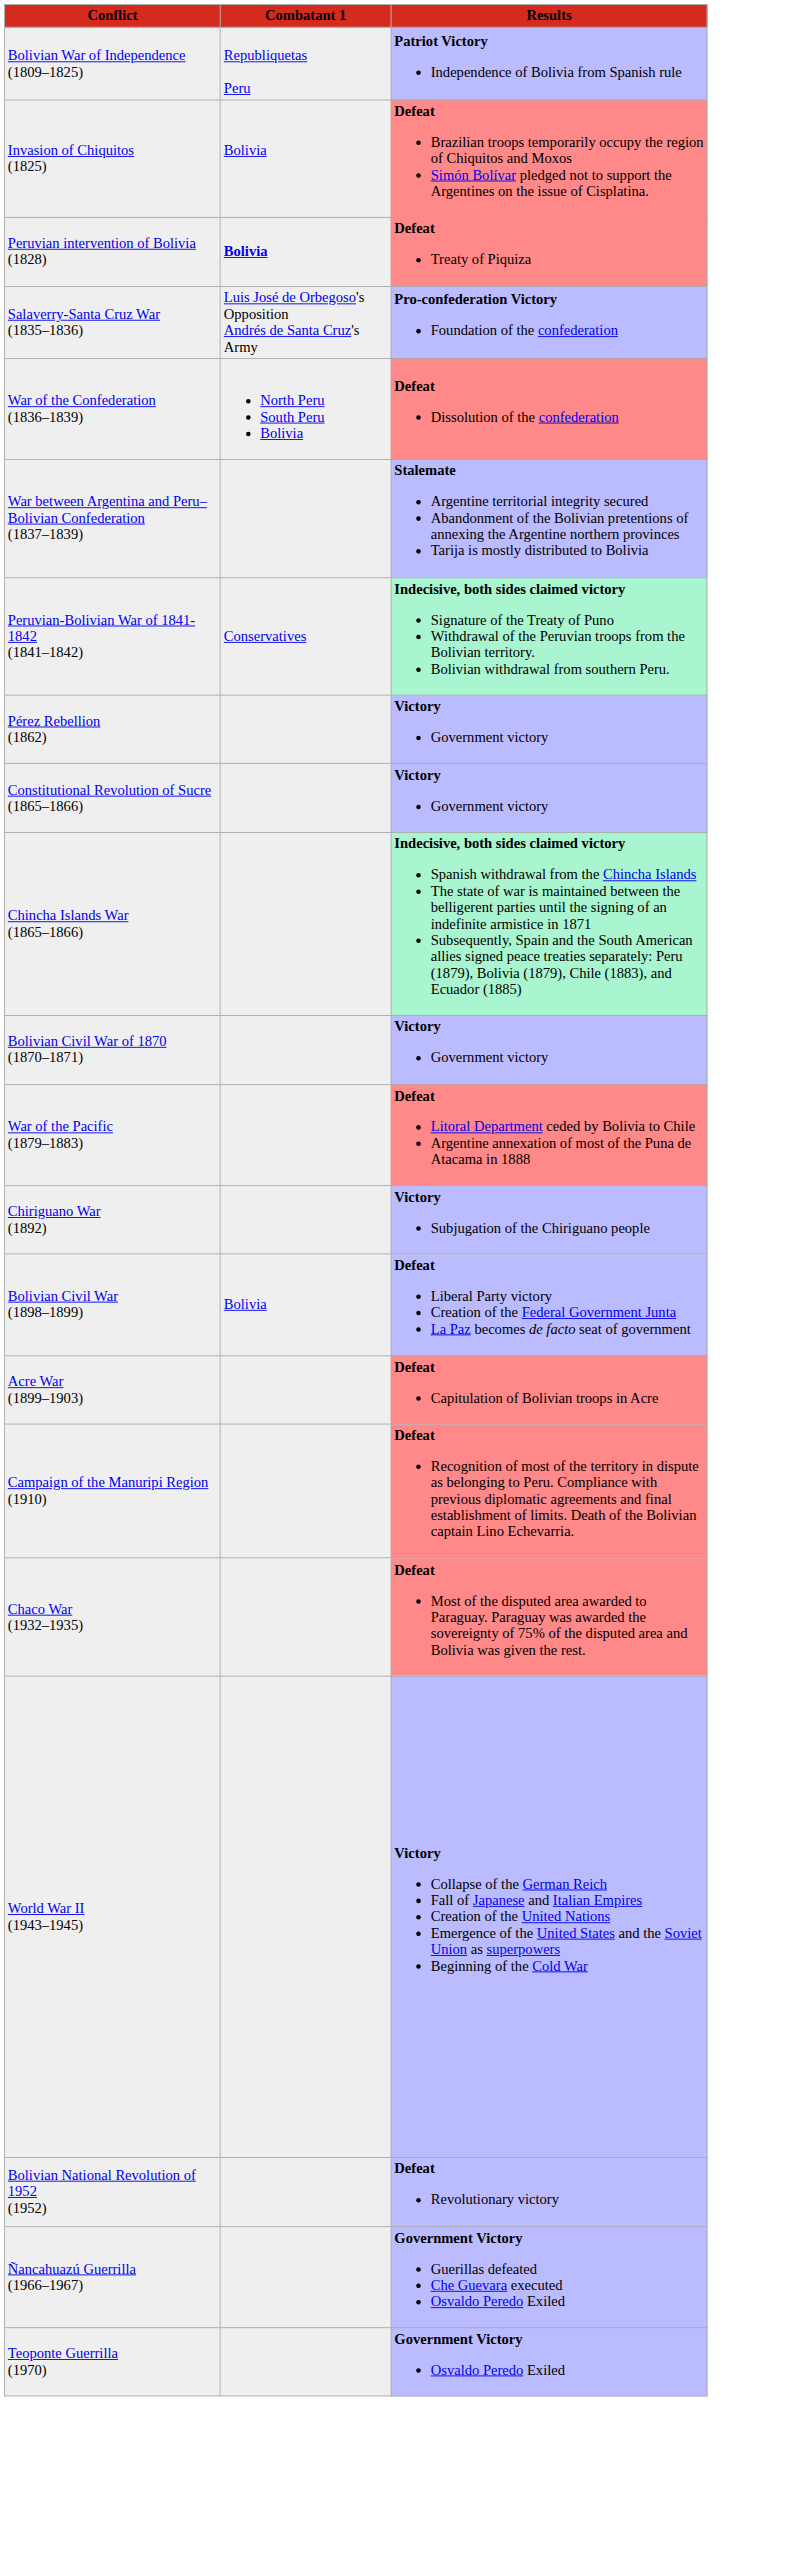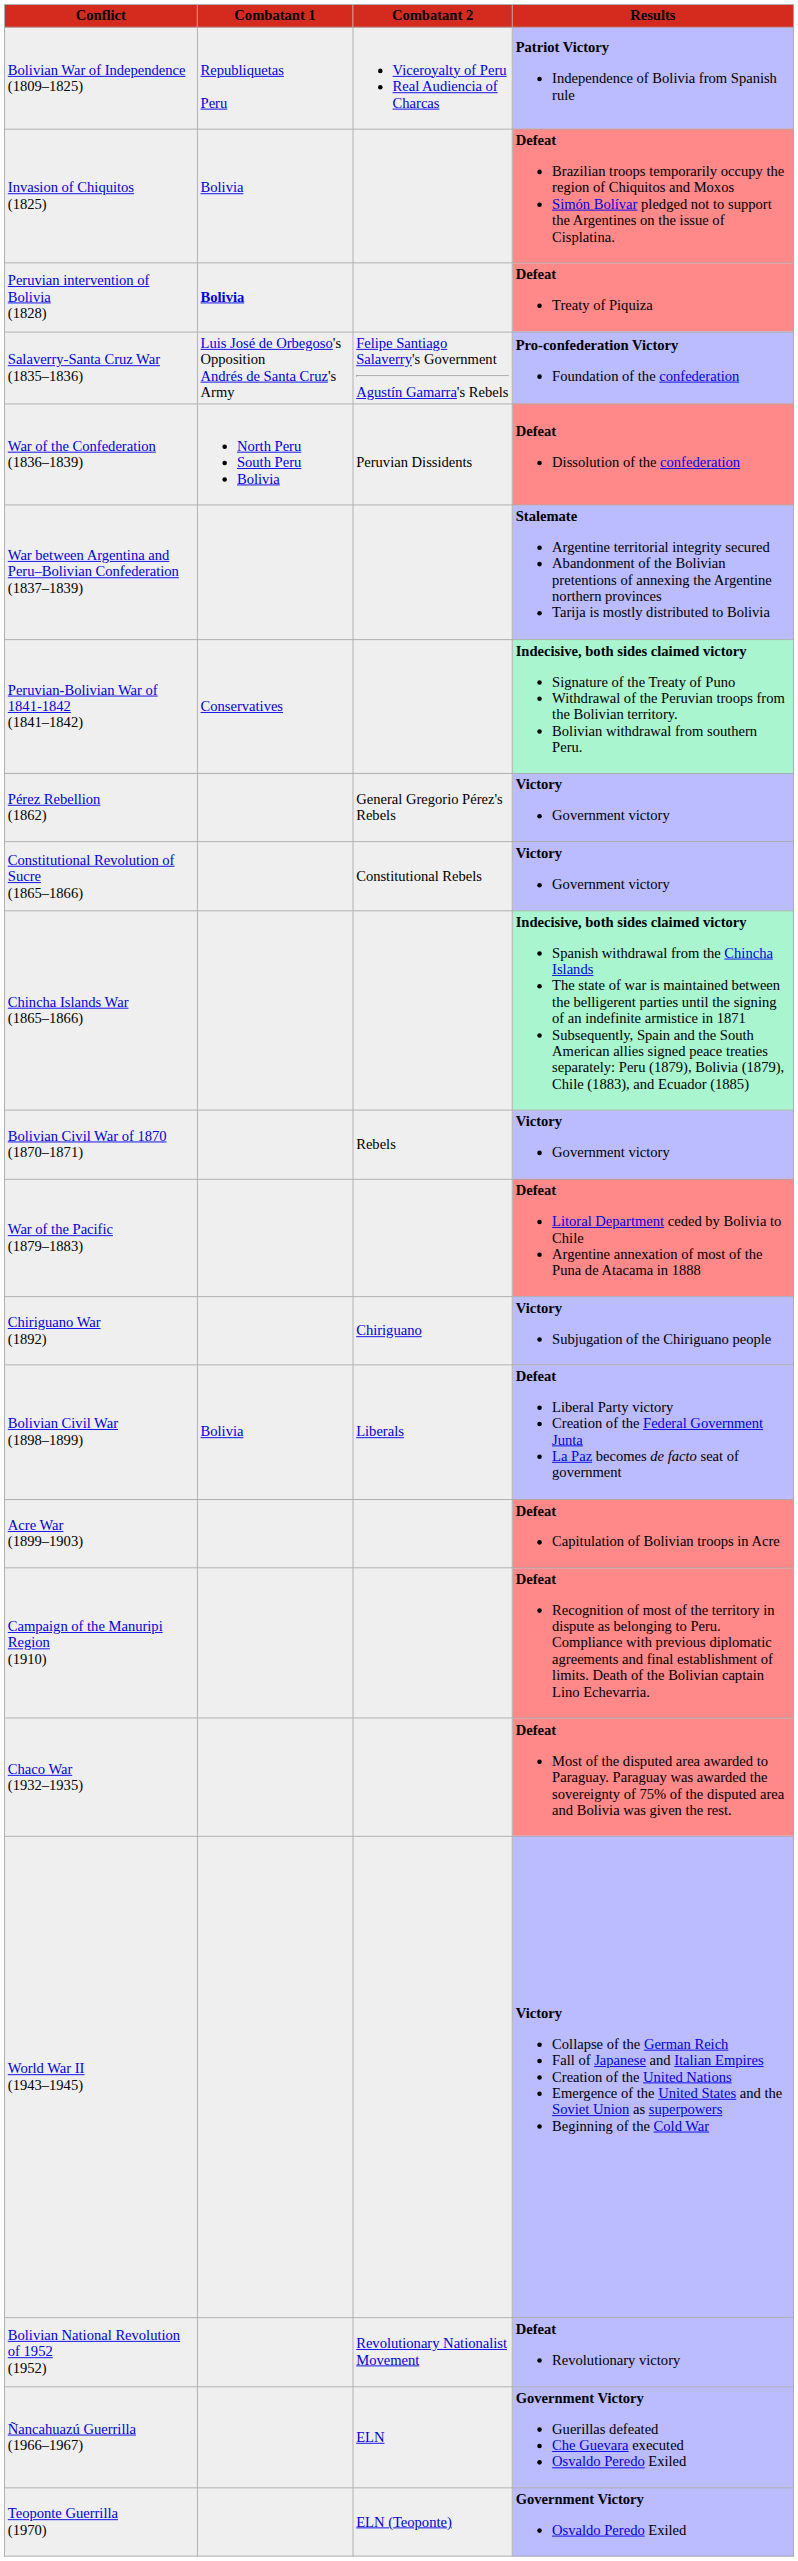 <table class="wikitable">
 <tr>
 <th rowspan="1" style="background:#D52B1E" width="230px" color="#FCD116"><span>Conflict</span></th>
 <th rowspan="1" style="background:#D52B1E" width="180px" color="#FCD116"><span>Combatant 1</span></th>
+<th rowspan="1" style="background:#D52B1E" width="180px" color="#FCD116"><span>Combatant 2</span></th>
 <th rowspan="1" style="background:#D52B1E" width="340px" color="#FCD116"><span>Results</span></th>
 </tr>
 <tr>
 <td style="background:#efefef"><a href='#'>Bolivian War of Independence</a><br>(1809–1825)</td>
 <td style="background:#efefef"><br> <a href='#'>Republiquetas</a><br> <br> <a href='#'>Peru</a><br></td>
+<td style="background:#efefef"><br><ul><li> <a href='#'>Viceroyalty of Peru</a></li><li> <a href='#'>Real Audiencia of Charcas </a></li></ul></td>
 <td style="background:#BBF"><strong>Patriot Victory</strong><br><ul><li>Independence of Bolivia from Spanish rule</li></ul></td>
 </tr>
 <tr>
 <td style="background:#efefef"><a href='#'>Invasion of Chiquitos</a><br>(1825)</td>
 <td style="background:#efefef"> <a href='#'>Bolivia</a><br><br></td>
+<td style="background:#efefef"></td>
 <td style="background:#F88"><strong>Defeat</strong><br><ul><li>Brazilian troops temporarily occupy the region of Chiquitos and Moxos</li><li><a href='#'>Simón Bolívar</a> pledged not to support the Argentines on the issue of Cisplatina.</li></ul></td>
 </tr>
 <tr>
 <td style="background:#efefef"><a href='#'>Peruvian intervention of Bolivia</a><br>(1828)</td>
 <td style="background:#efefef"><strong> <a href='#'>Bolivia</a><br></strong></td>
+<td style="background:#efefef"></td>
 <td style="background:#F88"><strong>Defeat</strong><br><ul><li>Treaty of Piquiza</li></ul></td>
 </tr>
 <tr>
 <td style="background:#efefef"><a href='#'>Salaverry-Santa Cruz War</a><br>(1835–1836)</td>
 <td style="background:#efefef"> <a href='#'>Luis José de Orbegoso</a>'s Opposition<br> <a href='#'>Andrés de Santa Cruz</a>'s Army</td>
+<td style="background:#efefef"> <a href='#'>Felipe Santiago Salaverry</a>'s Government<hr> <a href='#'>Agustín Gamarra</a>'s Rebels</td>
 <td style="background:#BBF"><strong>Pro-confederation Victory</strong><br><ul><li>Foundation of the <a href='#'>confederation</a></li></ul></td>
 </tr>
 <tr>
 <td style="background:#efefef"><a href='#'>War of the Confederation</a><br>(1836–1839)</td>
 <td style="background:#efefef"><br><ul><li> <a href='#'>North Peru</a></li><li> <a href='#'>South Peru</a></li><li> <a href='#'>Bolivia</a></li></ul></td>
+<td style="background:#efefef"><br> Peruvian Dissidents<br></td>
 <td style="background:#F88"><strong>Defeat</strong><br><ul><li>Dissolution of the <a href='#'>confederation</a></li></ul></td>
 </tr>
 <tr>
 <td style="background:#efefef"><a href='#'>War between Argentina and Peru–Bolivian Confederation</a><br>(1837–1839)</td>
+<td style="background:#efefef"></td>
 <td style="background:#efefef"></td>
 <td style="background:#BBF"><strong>Stalemate</strong><br><ul><li>Argentine territorial integrity secured</li><li>Abandonment of the Bolivian pretentions of annexing the Argentine northern provinces</li><li>Tarija is mostly distributed to Bolivia</li></ul></td>
 </tr>
 <tr>
 <td style="background:#efefef"><a href='#'>Peruvian-Bolivian War of 1841-1842</a><br>(1841–1842)</td>
 <td style="background:#efefef"> <a href='#'>Conservatives</a></td>
+<td style="background:#efefef"></td>
 <td style="background:#A9F5D0"><strong>Indecisive, both sides claimed victory</strong><br><ul><li>Signature of the Treaty of Puno</li><li>Withdrawal of the Peruvian troops from the Bolivian territory.</li><li>Bolivian withdrawal from southern Peru.</li></ul></td>
 </tr>
 <tr>
 <td style="background:#efefef"><a href='#'>Pérez Rebellion</a><br>(1862)</td>
 <td style="background:#efefef"></td>
+<td style="background:#efefef"> General Gregorio Pérez's Rebels</td>
 <td style="background:#BBF"><strong>Victory</strong><br><ul><li>Government victory</li></ul></td>
 </tr>
 <tr>
 <td style="background:#efefef"><a href='#'>Constitutional Revolution of Sucre</a><br>(1865–1866)</td>
 <td style="background:#efefef"></td>
+<td style="background:#efefef"> Constitutional Rebels</td>
 <td style="background:#BBF"><strong>Victory</strong><br><ul><li>Government victory</li></ul></td>
 </tr>
 <tr>
 <td style="background:#efefef"><a href='#'>Chincha Islands War</a><br>(1865–1866)</td>
 <td style="background:#efefef"><br><br><br></td>
+<td style="background:#efefef"></td>
 <td style="background:#A9F5D0"><strong>Indecisive, both sides claimed victory</strong><br><ul><li>Spanish withdrawal from the <a href='#'>Chincha Islands</a></li><li>The state of war is maintained between the belligerent parties until the signing of an indefinite armistice in 1871</li><li>Subsequently, Spain and the South American allies signed peace treaties separately: Peru (1879), Bolivia (1879), Chile (1883), and Ecuador (1885)</li></ul></td>
 </tr>
 <tr>
 <td style="background:#efefef"><a href='#'>Bolivian Civil War of 1870</a><br>(1870–1871)</td>
 <td style="background:#efefef"></td>
+<td style="background:#efefef"> Rebels</td>
 <td style="background:#BBF"><strong>Victory</strong><br><ul><li>Government victory</li></ul></td>
 </tr>
 <tr>
 <td style="background:#efefef"><a href='#'>War of the Pacific</a><br>(1879–1883)</td>
 <td style="background:#efefef"><br></td>
+<td style="background:#efefef"></td>
 <td style="background:#F88"><strong>Defeat</strong><br><ul><li><a href='#'>Litoral Department</a> ceded by Bolivia to Chile</li><li>Argentine annexation of most of the Puna de Atacama in 1888</li></ul></td>
 </tr>
 <tr>
 <td style="background:#efefef"><a href='#'>Chiriguano War</a><br>(1892)</td>
 <td style="background:#efefef"></td>
+<td style="background:#efefef"> <a href='#'>Chiriguano</a></td>
 <td style="background:#BBF"><strong>Victory</strong><br><ul><li>Subjugation of the Chiriguano people</li></ul></td>
 </tr>
 <tr>
 <td style="background:#efefef"><a href='#'>Bolivian Civil War</a><br>(1898–1899)</td>
 <td style="background:#efefef"> <a href='#'>Bolivia</a></td>
+<td style="background:#efefef"> <a href='#'>Liberals</a></td>
 <td style="background:#BBF"><strong>Defeat</strong><br><ul><li>Liberal Party victory</li><li>Creation of the <a href='#'>Federal Government Junta</a></li><li><a href='#'>La Paz</a> becomes <em>de facto</em> seat of government</li></ul></td>
 </tr>
 <tr>
 <td style="background:#efefef"><a href='#'>Acre War</a><br>(1899–1903)</td>
 <td style="background:#efefef"></td>
+<td style="background:#efefef"><br></td>
 <td style="background:#F88"><strong>Defeat</strong><br><ul><li>Capitulation of Bolivian troops in Acre</li></ul></td>
 </tr>
 <tr>
 <td style="background:#efefef"><a href='#'>Campaign of the Manuripi Region</a><br>(1910)</td>
+<td style="background:#efefef"></td>
 <td style="background:#efefef"></td>
 <td style="background:#F88"><strong>Defeat</strong><br><ul><li>Recognition of most of the territory in dispute as belonging to Peru. Compliance with previous diplomatic agreements and final establishment of limits. Death of the Bolivian captain Lino Echevarria.</li></ul></td>
 </tr>
 <tr>
 <td style="background:#efefef"><a href='#'>Chaco War</a><br>(1932–1935)</td>
 <td style="background:#efefef"></td>
+<td style="background:#efefef"></td>
 <td style="background:#F88"><strong>Defeat</strong><br><ul><li>Most of the disputed area awarded to Paraguay. Paraguay was awarded the sovereignty of 75% of the disputed area and Bolivia was given the rest.</li></ul></td>
 </tr>
 <tr>
 <td style="background:#efefef"><a href='#'>World War II</a><br>(1943–1945)</td>
 <td style="background:#efefef"><br><br><br><br><br><br><br><br><br><br><br><br><br><br><br><br><br><br><br><br><br><br><br><br><br><br><br><br><br></td>
+<td style="background:#efefef"><br><br><br><br><br><br><br><br><br><br><br></td>
 <td style="background:#BBF"><strong>Victory</strong><br><ul><li>Collapse of the <a href='#'>German Reich</a></li><li>Fall of <a href='#'>Japanese</a> and <a href='#'>Italian Empires</a></li><li>Creation of the <a href='#'>United Nations</a></li><li>Emergence of the <a href='#'>United States</a> and the <a href='#'>Soviet Union</a> as <a href='#'>superpowers</a></li><li>Beginning of the <a href='#'>Cold War</a></li></ul></td>
 </tr>
 <tr>
 <td style="background:#efefef"><a href='#'>Bolivian National Revolution of 1952</a><br>(1952)</td>
 <td style="background:#efefef"></td>
+<td style="background:#efefef"> <a href='#'>Revolutionary Nationalist Movement</a></td>
 <td style="background:#BBF"><strong>Defeat</strong><br><ul><li>Revolutionary victory</li></ul></td>
 </tr>
 <tr>
 <td style="background:#efefef"><a href='#'>Ñancahuazú Guerrilla</a> <br>(1966–1967)</td>
 <td style="background:#efefef"><br></td>
+<td style="background:#efefef"> <a href='#'>ELN</a><br></td>
 <td style="background:#BBF"><strong>Government Victory</strong><br><ul><li>Guerillas defeated</li><li><a href='#'>Che Guevara</a> executed</li><li><a href='#'>Osvaldo Peredo</a> Exiled</li></ul></td>
 </tr>
 <tr>
 <td style="background:#efefef"><a href='#'>Teoponte Guerrilla</a><br>(1970)</td>
 <td style="background:#efefef"></td>
+<td style="background:#efefef"> <a href='#'>ELN (Teoponte)</a></td>
 <td style="background:#BBF"><strong>Government Victory</strong><br><ul><li><a href='#'>Osvaldo Peredo</a> Exiled</li></ul></td>
 </tr>
 </table>
